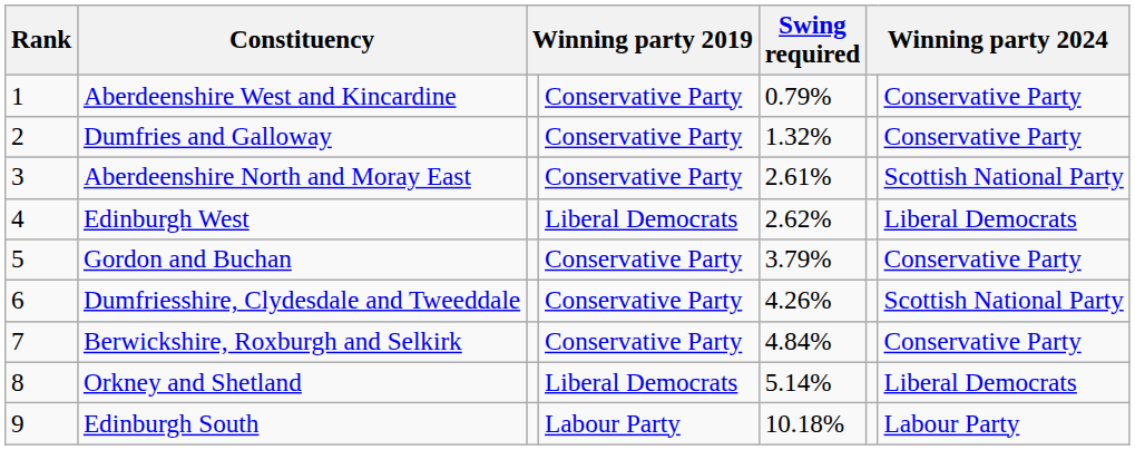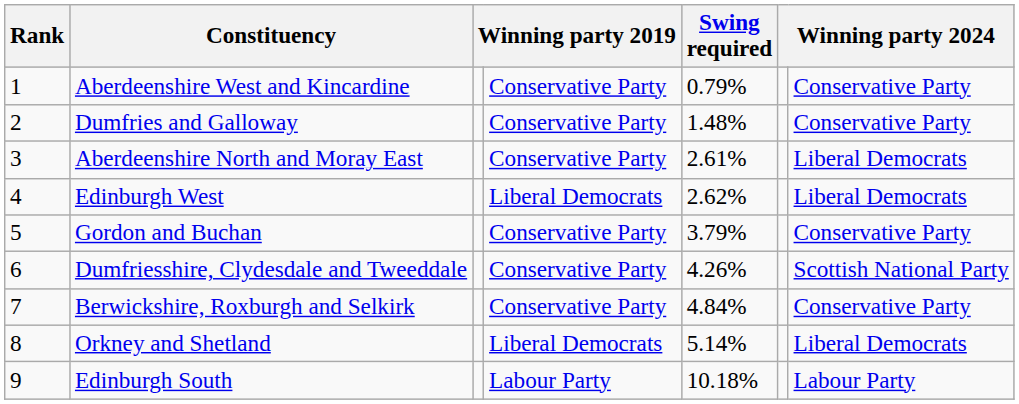 <table class="wikitable sortable">
 <tr>
 <th>Rank</th>
 <th>Constituency</th>
 <th colspan="2">Winning party 2019</th>
 <th><a href='#'>Swing</a> <br>required</th>
 <th colspan="2">Winning party 2024</th>
 </tr>
 <tr>
 <td>1</td>
 <td><a href='#'>Aberdeenshire West and Kincardine</a></td>
 <td class="unsortable" style="background-color: "></td>
 <td><a href='#'>Conservative Party</a></td>
 <td>0.79%</td>
 <td class="unsortable" style="background-color: "></td>
 <td><a href='#'>Conservative Party</a></td>
 </tr>
 <tr>
 <td>2</td>
 <td><a href='#'>Dumfries and Galloway</a></td>
 <td class="unsortable" style="background-color: "></td>
 <td><a href='#'>Conservative Party</a></td>
-<td>1.32%</td>
+<td>1.48%</td>
 <td class="unsortable" style="background-color: "></td>
 <td><a href='#'>Conservative Party</a></td>
 </tr>
 <tr>
 <td>3</td>
 <td><a href='#'>Aberdeenshire North and Moray East</a></td>
 <td class="unsortable" style="background-color: "></td>
 <td><a href='#'>Conservative Party</a></td>
 <td>2.61%</td>
 <td class="unsortable" style="background-color: "></td>
-<td><a href='#'>Scottish National Party</a></td>
+<td><a href='#'>Liberal Democrats</a></td>
 </tr>
 <tr>
 <td>4</td>
 <td><a href='#'>Edinburgh West</a></td>
 <td class="unsortable" style="background-color: "></td>
 <td><a href='#'>Liberal Democrats</a></td>
 <td>2.62%</td>
 <td class="unsortable" style="background-color: "></td>
 <td><a href='#'>Liberal Democrats</a></td>
 </tr>
 <tr>
 <td>5</td>
 <td><a href='#'>Gordon and Buchan</a></td>
 <td class="unsortable" style="background-color: "></td>
 <td><a href='#'>Conservative Party</a></td>
 <td>3.79%</td>
 <td class="unsortable" style="background-color: "></td>
 <td><a href='#'>Conservative Party</a></td>
 </tr>
 <tr>
 <td>6</td>
 <td><a href='#'>Dumfriesshire, Clydesdale and Tweeddale</a></td>
 <td class="unsortable" style="background-color: "></td>
 <td><a href='#'>Conservative Party</a></td>
 <td>4.26%</td>
 <td class="unsortable" style="background-color: "></td>
 <td><a href='#'>Scottish National Party</a></td>
 </tr>
 <tr>
 <td>7</td>
 <td><a href='#'>Berwickshire, Roxburgh and Selkirk</a></td>
 <td class="unsortable" style="background-color: "></td>
 <td><a href='#'>Conservative Party</a></td>
 <td>4.84%</td>
 <td class="unsortable" style="background-color: "></td>
 <td><a href='#'>Conservative Party</a></td>
 </tr>
 <tr>
 <td>8</td>
 <td><a href='#'>Orkney and Shetland</a></td>
 <td class="unsortable" style="background-color: "></td>
 <td><a href='#'>Liberal Democrats</a></td>
 <td>5.14%</td>
 <td class="unsortable" style="background-color: "></td>
 <td><a href='#'>Liberal Democrats</a></td>
 </tr>
 <tr>
 <td>9</td>
 <td><a href='#'>Edinburgh South</a></td>
 <td class="unsortable" style="background-color: "></td>
 <td><a href='#'>Labour Party</a></td>
 <td>10.18%</td>
 <td class="unsortable" style="background-color: "></td>
 <td><a href='#'>Labour Party</a></td>
 </tr>
 </table>
